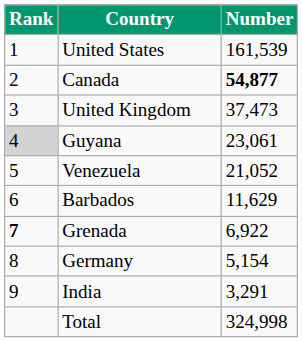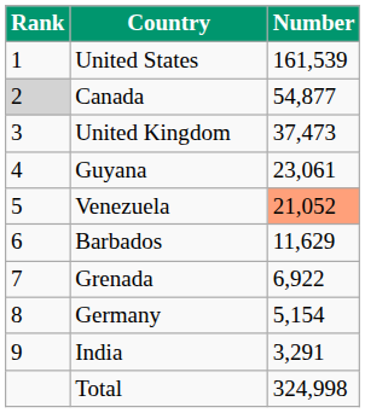 <table class="wikitable">
 <tr>
 </tr>
 <tr style="color:white;">
 <th style="width:5px; background:#00966E;">Rank</th>
 <th style="width:130px; background:#00966E;">Country</th>
 <th style="width:50px; background:#00966E;">Number</th>
 </tr>
 <tr>
 <td>1</td>
 <td>United States</td>
 <td>161,539</td>
 </tr>
 <tr>
-<td>2</td>
+<td style="background: lightgrey;">2</td>
 <td>Canada</td>
-<td><strong>54,877</strong></td>
+<td>54,877</td>
 </tr>
 <tr>
 <td>3</td>
 <td>United Kingdom</td>
 <td>37,473</td>
 </tr>
 <tr>
-<td style="background: lightgrey;">4</td>
+<td>4</td>
 <td>Guyana</td>
 <td>23,061</td>
 </tr>
 <tr>
 <td>5</td>
 <td>Venezuela</td>
-<td>21,052</td>
+<td style="background: lightsalmon;">21,052</td>
 </tr>
 <tr>
 <td>6</td>
 <td>Barbados</td>
 <td>11,629</td>
 </tr>
 <tr>
-<td><strong>7</strong></td>
+<td>7</td>
 <td>Grenada</td>
 <td>6,922</td>
 </tr>
 <tr>
 <td>8</td>
 <td>Germany</td>
 <td>5,154</td>
 </tr>
 <tr>
 <td>9</td>
 <td>India</td>
 <td>3,291</td>
 </tr>
 <tr>
 <td></td>
 <td>Total</td>
 <td>324,998</td>
 </tr>
 </table>
